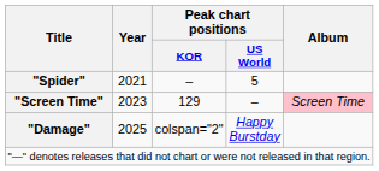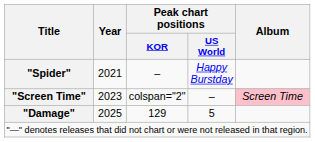 <table class="wikitable plainrowheaders" style="text-align:center">
 <tr>
 <th scope="col" rowspan="2">Title</th>
 <th scope="col" rowspan="2">Year</th>
 <th scope="col" colspan="2">Peak chart positions</th>
 <th scope="col" rowspan="2">Album</th>
 </tr>
 <tr>
 <th scope="col" style="width:3em;font-size:90%"><a href='#'>KOR</a><br></th>
 <th scope="col" style="width:3em;font-size:90%"><a href='#'>US<br> World</a><br></th>
 </tr>
 <tr>
 <th scope="row">"Spider"</th>
 <td>2021</td>
 <td>–</td>
-<td>5</td>
+<td><em><a href='#'>Happy Burstday</a></em></td>
 <td></td>
 </tr>
 <tr>
 <th scope="row">"Screen Time" <br></th>
 <td>2023</td>
-<td>129</td>
+<td>colspan="2" </td>
 <td>–</td>
 <td style="background: pink;"><em>Screen Time</em></td>
 </tr>
 <tr>
 <th scope="row">"Damage" <br></th>
 <td>2025</td>
-<td>colspan="2" </td>
-<td><em><a href='#'>Happy Burstday</a></em></td>
+<td>129</td>
+<td>5</td>
 </tr>
 <tr>
 <td colspan="5" style="font-size:85%">"—" denotes releases that did not chart or were not released in that region.</td>
 </tr>
 </table>
